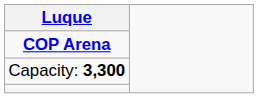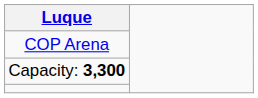 <table class="wikitable floatright" style="text-align:center">
 <tr>
 <th width=50%><a href='#'>Luque</a></th>
 <td width=50% rowspan="4"></td>
 </tr>
 <tr>
-<td><strong><a href='#'>COP Arena</a></strong></td>
+<td><a href='#'>COP Arena</a></td>
 </tr>
 <tr>
 <td>Capacity: <strong>3,300</strong></td>
 </tr>
 <tr>
 <td></td>
 </tr>
 </table>
